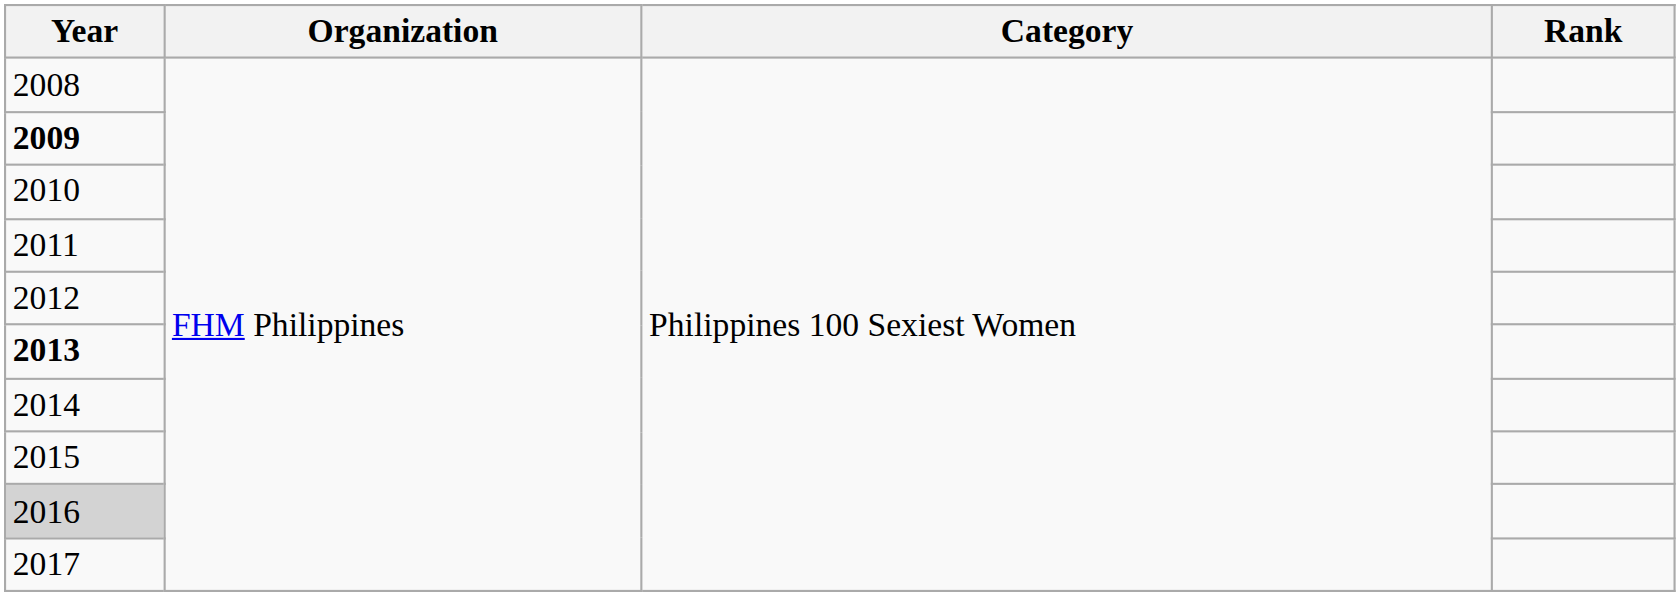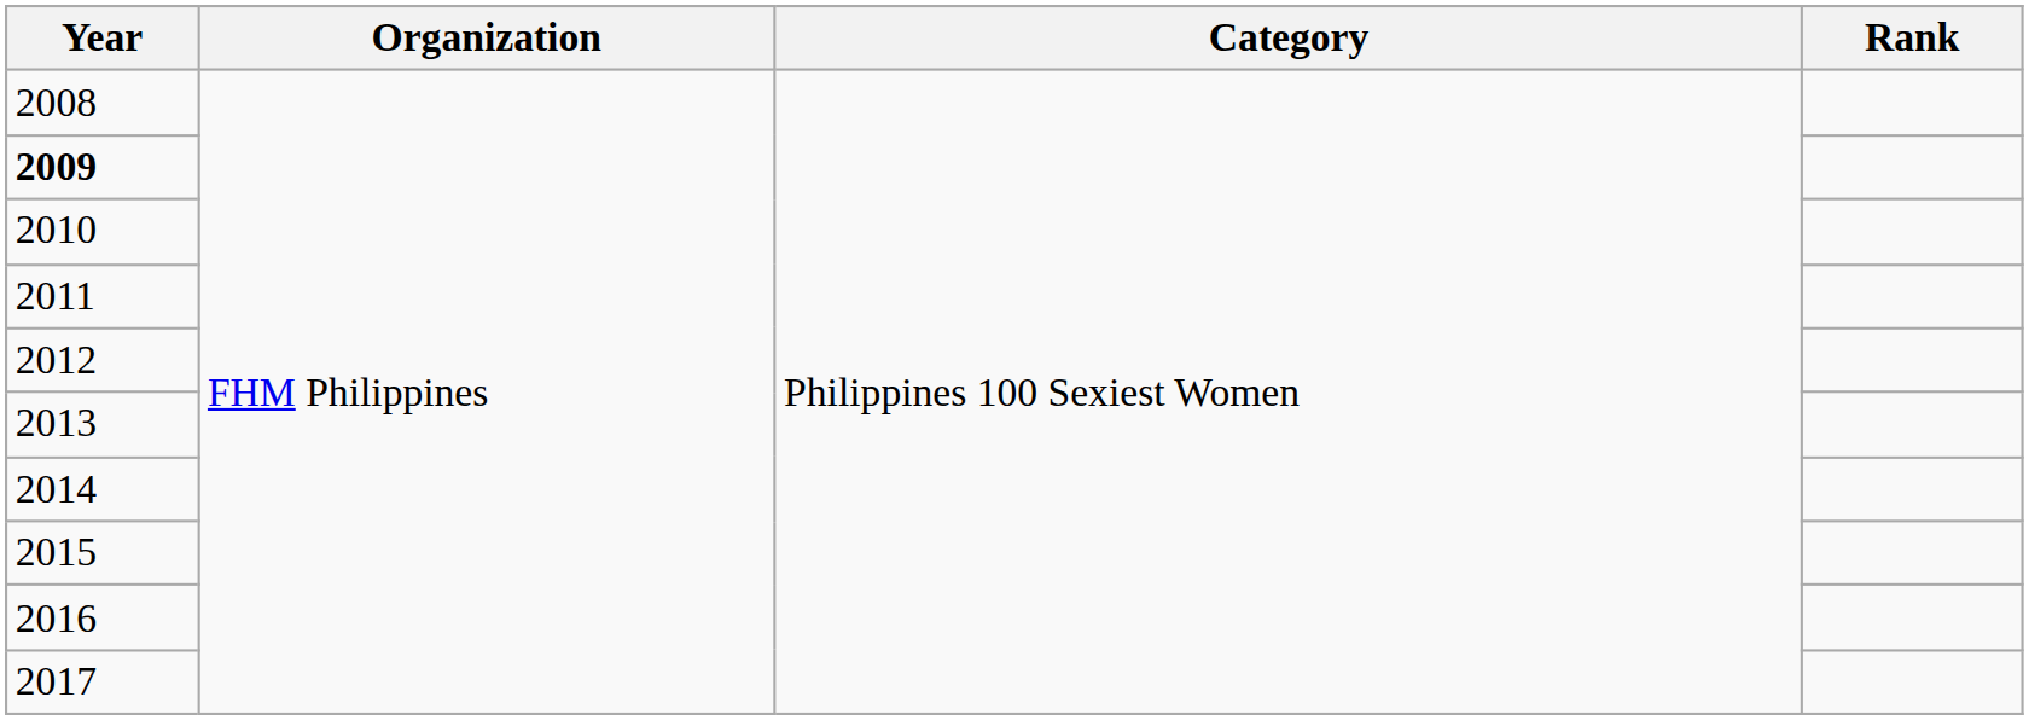 <table | width="90%" class="wikitable sortable">
 <tr>
 <th>Year</th>
 <th>Organization</th>
 <th><strong>Category</strong></th>
 <th>Rank</th>
 </tr>
 <tr>
 <td>2008</td>
 <td rowspan=10><a href='#'>FHM</a> Philippines</td>
 <td rowspan=10>Philippines 100 Sexiest Women</td>
 <td></td>
 </tr>
 <tr>
 <td><strong>2009</strong></td>
 <td></td>
 </tr>
 <tr>
 <td>2010</td>
 <td></td>
 </tr>
 <tr>
 <td>2011</td>
 <td></td>
 </tr>
 <tr>
 <td>2012</td>
 <td></td>
 </tr>
 <tr>
-<td><strong>2013</strong></td>
+<td>2013</td>
 <td></td>
 </tr>
 <tr>
 <td>2014</td>
 <td></td>
 </tr>
 <tr>
 <td>2015</td>
 <td></td>
 </tr>
 <tr>
-<td style="background: lightgrey;">2016</td>
+<td>2016</td>
 <td></td>
 </tr>
 <tr>
 <td>2017</td>
 <td></td>
 </tr>
 </table>
